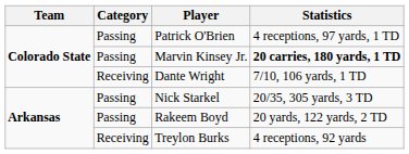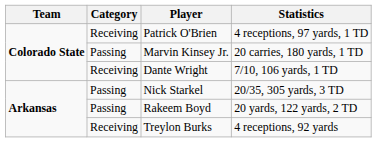 <table class="wikitable" style="float: right;">
 <tr>
 <th>Team</th>
 <th>Category</th>
 <th>Player</th>
 <th>Statistics</th>
 </tr>
 <tr>
 <td rowspan=3><strong>Colorado State</strong></td>
-<td>Passing</td>
+<td>Receiving</td>
 <td>Patrick O'Brien</td>
 <td>4 receptions, 97 yards, 1 TD</td>
 </tr>
 <tr>
 <td>Passing</td>
 <td>Marvin Kinsey Jr.</td>
-<td><strong>20 carries, 180 yards, 1 TD</strong></td>
+<td>20 carries, 180 yards, 1 TD</td>
 </tr>
 <tr>
 <td>Receiving</td>
 <td>Dante Wright</td>
 <td>7/10, 106 yards, 1 TD</td>
 </tr>
 <tr>
 <td rowspan=3><strong>Arkansas</strong></td>
 <td>Passing</td>
 <td>Nick Starkel</td>
 <td>20/35, 305 yards, 3 TD</td>
 </tr>
 <tr>
 <td>Passing</td>
 <td>Rakeem Boyd</td>
 <td>20 yards, 122 yards, 2 TD</td>
 </tr>
 <tr>
 <td>Receiving</td>
 <td>Treylon Burks</td>
 <td>4 receptions, 92 yards</td>
 </tr>
 </table>
